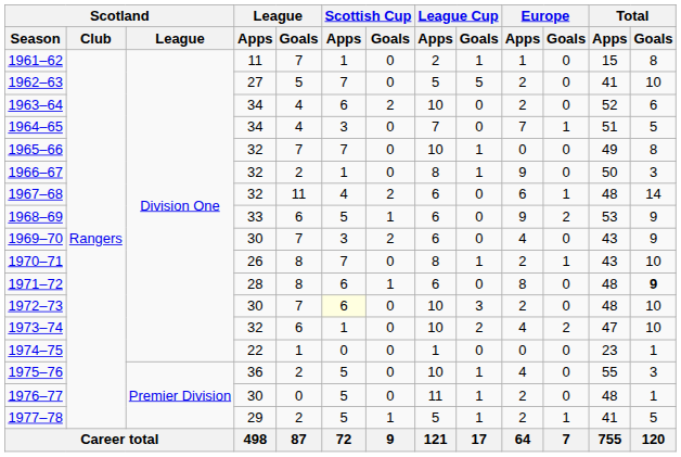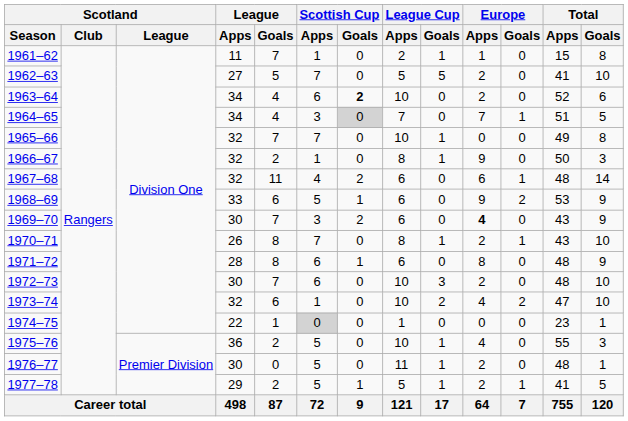 <table class="wikitable" style="text-align:center">
 <tr>
 <th colspan=3>Scotland</th>
 <th colspan=2>League</th>
 <th colspan=2><a href='#'>Scottish Cup</a></th>
 <th colspan=2><a href='#'>League Cup</a></th>
 <th colspan=2><a href='#'>Europe</a></th>
 <th colspan=2>Total</th>
 </tr>
 <tr>
 <th>Season</th>
 <th>Club</th>
 <th>League</th>
 <th>Apps</th>
 <th>Goals</th>
 <th>Apps</th>
 <th>Goals</th>
 <th>Apps</th>
 <th>Goals</th>
 <th>Apps</th>
 <th>Goals</th>
 <th>Apps</th>
 <th>Goals</th>
 </tr>
 <tr>
 <td><a href='#'>1961–62</a></td>
 <td rowspan="17"><a href='#'>Rangers</a></td>
 <td rowspan="14"><a href='#'>Division One</a></td>
 <td>11</td>
 <td>7</td>
 <td>1</td>
 <td>0</td>
 <td>2</td>
 <td>1</td>
 <td>1</td>
 <td>0</td>
 <td>15</td>
 <td>8</td>
 </tr>
 <tr>
 <td><a href='#'>1962–63</a></td>
 <td>27</td>
 <td>5</td>
 <td>7</td>
 <td>0</td>
 <td>5</td>
 <td>5</td>
 <td>2</td>
 <td>0</td>
 <td>41</td>
 <td>10</td>
 </tr>
 <tr>
 <td><a href='#'>1963–64</a></td>
 <td>34</td>
 <td>4</td>
 <td>6</td>
-<td>2</td>
+<td><strong>2</strong></td>
 <td>10</td>
 <td>0</td>
 <td>2</td>
 <td>0</td>
 <td>52</td>
 <td>6</td>
 </tr>
 <tr>
 <td><a href='#'>1964–65</a></td>
 <td>34</td>
 <td>4</td>
 <td>3</td>
-<td>0</td>
+<td style="background: lightgrey;">0</td>
 <td>7</td>
 <td>0</td>
 <td>7</td>
 <td>1</td>
 <td>51</td>
 <td>5</td>
 </tr>
 <tr>
 <td><a href='#'>1965–66</a></td>
 <td>32</td>
 <td>7</td>
 <td>7</td>
 <td>0</td>
 <td>10</td>
 <td>1</td>
 <td>0</td>
 <td>0</td>
 <td>49</td>
 <td>8</td>
 </tr>
 <tr>
 <td><a href='#'>1966–67</a></td>
 <td>32</td>
 <td>2</td>
 <td>1</td>
 <td>0</td>
 <td>8</td>
 <td>1</td>
 <td>9</td>
 <td>0</td>
 <td>50</td>
 <td>3</td>
 </tr>
 <tr>
 <td><a href='#'>1967–68</a></td>
 <td>32</td>
 <td>11</td>
 <td>4</td>
 <td>2</td>
 <td>6</td>
 <td>0</td>
 <td>6</td>
 <td>1</td>
 <td>48</td>
 <td>14</td>
 </tr>
 <tr>
 <td><a href='#'>1968–69</a></td>
 <td>33</td>
 <td>6</td>
 <td>5</td>
 <td>1</td>
 <td>6</td>
 <td>0</td>
 <td>9</td>
 <td>2</td>
 <td>53</td>
 <td>9</td>
 </tr>
 <tr>
 <td><a href='#'>1969–70</a></td>
 <td>30</td>
 <td>7</td>
 <td>3</td>
 <td>2</td>
 <td>6</td>
 <td>0</td>
-<td>4</td>
+<td><strong>4</strong></td>
 <td>0</td>
 <td>43</td>
 <td>9</td>
 </tr>
 <tr>
 <td><a href='#'>1970–71</a></td>
 <td>26</td>
 <td>8</td>
 <td>7</td>
 <td>0</td>
 <td>8</td>
 <td>1</td>
 <td>2</td>
 <td>1</td>
 <td>43</td>
 <td>10</td>
 </tr>
 <tr>
 <td><a href='#'>1971–72</a></td>
 <td>28</td>
 <td>8</td>
 <td>6</td>
 <td>1</td>
 <td>6</td>
 <td>0</td>
 <td>8</td>
 <td>0</td>
 <td>48</td>
-<td><strong>9</strong></td>
+<td>9</td>
 </tr>
 <tr>
 <td><a href='#'>1972–73</a></td>
 <td>30</td>
 <td>7</td>
-<td style="background: lightyellow;">6</td>
+<td>6</td>
 <td>0</td>
 <td>10</td>
 <td>3</td>
 <td>2</td>
 <td>0</td>
 <td>48</td>
 <td>10</td>
 </tr>
 <tr>
 <td><a href='#'>1973–74</a></td>
 <td>32</td>
 <td>6</td>
 <td>1</td>
 <td>0</td>
 <td>10</td>
 <td>2</td>
 <td>4</td>
 <td>2</td>
 <td>47</td>
 <td>10</td>
 </tr>
 <tr>
 <td><a href='#'>1974–75</a></td>
 <td>22</td>
 <td>1</td>
-<td>0</td>
+<td style="background: lightgrey;">0</td>
 <td>0</td>
 <td>1</td>
 <td>0</td>
 <td>0</td>
 <td>0</td>
 <td>23</td>
 <td>1</td>
 </tr>
 <tr>
 <td><a href='#'>1975–76</a></td>
 <td rowspan="3"><a href='#'>Premier Division</a></td>
 <td>36</td>
 <td>2</td>
 <td>5</td>
 <td>0</td>
 <td>10</td>
 <td>1</td>
 <td>4</td>
 <td>0</td>
 <td>55</td>
 <td>3</td>
 </tr>
 <tr>
 <td><a href='#'>1976–77</a></td>
 <td>30</td>
 <td>0</td>
 <td>5</td>
 <td>0</td>
 <td>11</td>
 <td>1</td>
 <td>2</td>
 <td>0</td>
 <td>48</td>
 <td>1</td>
 </tr>
 <tr>
 <td><a href='#'>1977–78</a></td>
 <td>29</td>
 <td>2</td>
 <td>5</td>
 <td>1</td>
 <td>5</td>
 <td>1</td>
 <td>2</td>
 <td>1</td>
 <td>41</td>
 <td>5</td>
 </tr>
 <tr>
 <th colspan=3>Career total</th>
 <th>498</th>
 <th>87</th>
 <th>72</th>
 <th>9</th>
 <th>121</th>
 <th>17</th>
 <th>64</th>
 <th>7</th>
 <th>755</th>
 <th>120</th>
 </tr>
 </table>
